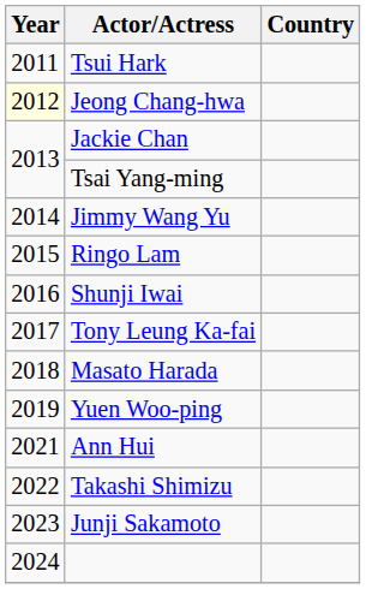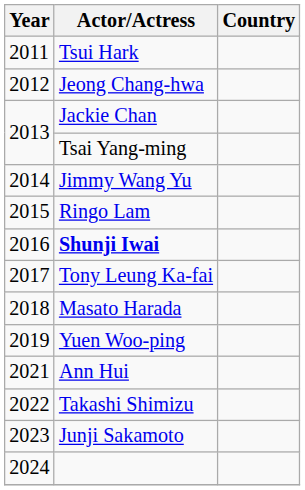 <table class="wikitable">
 <tr>
 <th>Year</th>
 <th>Actor/Actress</th>
 <th>Country</th>
 </tr>
 <tr>
 <td>2011</td>
 <td><a href='#'>Tsui Hark</a></td>
 <td></td>
 </tr>
 <tr>
-<td style="background: lightyellow;">2012</td>
+<td>2012</td>
 <td><a href='#'>Jeong Chang-hwa</a></td>
 <td></td>
 </tr>
 <tr>
 <td rowspan=2>2013</td>
 <td><a href='#'>Jackie Chan</a></td>
 <td></td>
 </tr>
 <tr>
 <td>Tsai Yang-ming</td>
 <td></td>
 </tr>
 <tr>
 <td>2014</td>
 <td><a href='#'>Jimmy Wang Yu</a></td>
 <td></td>
 </tr>
 <tr>
 <td>2015</td>
 <td><a href='#'>Ringo Lam</a></td>
 <td></td>
 </tr>
 <tr>
 <td>2016</td>
-<td><a href='#'>Shunji Iwai</a></td>
+<td><strong><a href='#'>Shunji Iwai</a></strong></td>
 <td></td>
 </tr>
 <tr>
 <td>2017</td>
 <td><a href='#'>Tony Leung Ka-fai</a></td>
 <td></td>
 </tr>
 <tr>
 <td>2018</td>
 <td><a href='#'>Masato Harada</a></td>
 <td></td>
 </tr>
 <tr>
 <td>2019</td>
 <td><a href='#'>Yuen Woo-ping</a></td>
 <td></td>
 </tr>
 <tr>
 <td>2021</td>
 <td><a href='#'>Ann Hui</a></td>
 <td></td>
 </tr>
 <tr>
 <td>2022</td>
 <td><a href='#'>Takashi Shimizu</a></td>
 <td></td>
 </tr>
 <tr>
 <td>2023</td>
 <td><a href='#'>Junji Sakamoto</a></td>
 <td></td>
 </tr>
 <tr>
 <td>2024</td>
 <td></td>
 <td></td>
 </tr>
 <tr>
 </tr>
 </table>
